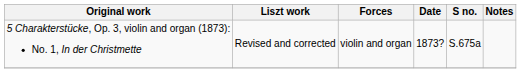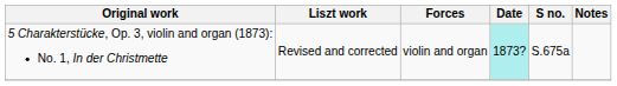 <table class="wikitable">
 <tr>
 <th>Original work</th>
 <th>Liszt work</th>
 <th>Forces</th>
 <th>Date</th>
 <th>S no.</th>
 <th>Notes</th>
 </tr>
 <tr>
 <td><em>5 Charakterstücke</em>, Op. 3, violin and organ (1873):<br><ul><li>No. 1, <em>In der Christmette</em></li></ul></td>
 <td>Revised and corrected</td>
 <td style="text-align: center">violin and organ</td>
-<td>1873?</td>
+<td style="background: paleturquoise;">1873?</td>
 <td>S.675a</td>
 <td></td>
 </tr>
 <tr>
 </tr>
 </table>
